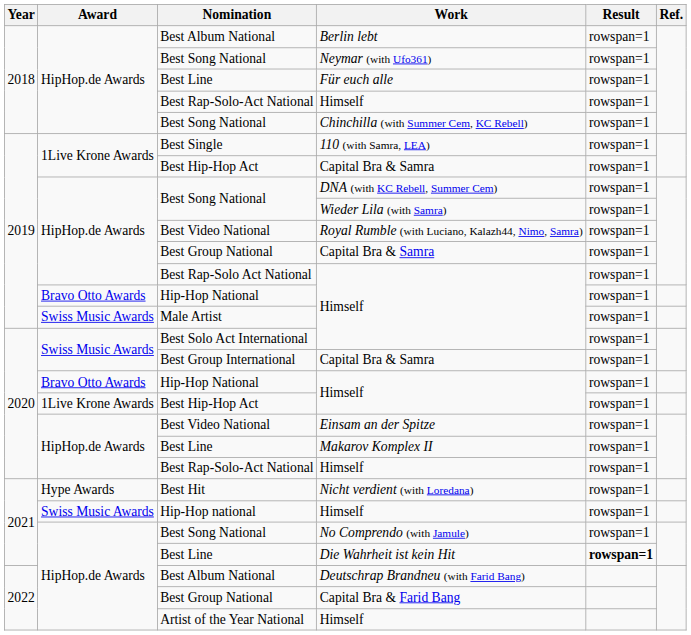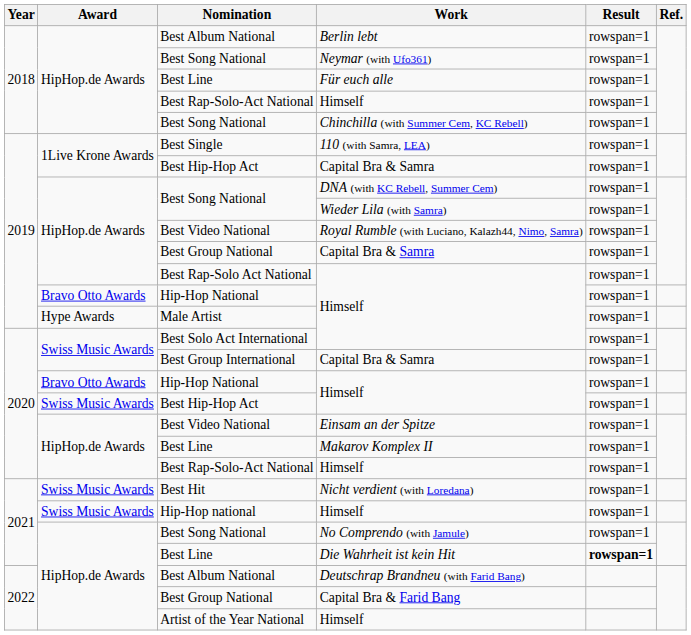 <table class="wikitable">
 <tr>
 <th>Year</th>
 <th>Award</th>
 <th>Nomination</th>
 <th>Work</th>
 <th>Result</th>
 <th>Ref.</th>
 </tr>
 <tr>
 <td rowspan="5">2018</td>
 <td rowspan="5">HipHop.de Awards</td>
 <td>Best Album National</td>
 <td><em>Berlin lebt</em></td>
 <td>rowspan=1 </td>
 <td rowspan="5"></td>
 </tr>
 <tr>
 <td>Best Song National</td>
 <td rowspan="1"><em>Neymar</em> <small>(with <a href='#'>Ufo361</a>)</small></td>
 <td>rowspan=1 </td>
 </tr>
 <tr>
 <td>Best Line</td>
 <td><em>Für euch alle</em></td>
 <td>rowspan=1 </td>
 </tr>
 <tr>
 <td>Best Rap-Solo-Act National</td>
 <td>Himself</td>
 <td>rowspan=1 </td>
 </tr>
 <tr>
 <td>Best Song National</td>
 <td><em>Chinchilla</em> <small>(with <a href='#'>Summer Cem</a>, <a href='#'>KC Rebell</a>)</small></td>
 <td>rowspan=1 </td>
 </tr>
 <tr>
 <td rowspan="9">2019</td>
 <td rowspan="2">1Live Krone Awards</td>
 <td>Best Single</td>
 <td><em>110</em> <small>(with Samra, <a href='#'>LEA</a>)</small></td>
 <td>rowspan=1 </td>
 <td rowspan="2"></td>
 </tr>
 <tr>
 <td>Best Hip-Hop Act</td>
 <td>Capital Bra & Samra</td>
 <td>rowspan=1 </td>
 </tr>
 <tr>
 <td rowspan="5">HipHop.de Awards</td>
 <td rowspan="2">Best Song National</td>
 <td><em>DNA</em> <small>(with <a href='#'>KC Rebell</a>, <a href='#'>Summer Cem</a>)</small></td>
 <td>rowspan=1 </td>
 <td rowspan="5"></td>
 </tr>
 <tr>
 <td><em>Wieder Lila</em> <small>(with <a href='#'>Samra</a>)</small></td>
 <td>rowspan=1 </td>
 </tr>
 <tr>
 <td>Best Video National</td>
 <td><em>Royal Rumble</em> <small>(with Luciano, Kalazh44, <a href='#'>Nimo</a>, <a href='#'>Samra</a>)</small></td>
 <td>rowspan=1 </td>
 </tr>
 <tr>
 <td>Best Group National</td>
 <td>Capital Bra & <a href='#'>Samra</a></td>
 <td>rowspan=1 </td>
 </tr>
 <tr>
 <td>Best Rap-Solo Act National</td>
 <td rowspan="4">Himself</td>
 <td>rowspan=1 </td>
 </tr>
 <tr>
 <td><a href='#'>Bravo Otto Awards</a></td>
 <td>Hip-Hop National</td>
 <td>rowspan=1 </td>
 <td></td>
 </tr>
 <tr>
-<td><a href='#'>Swiss Music Awards</a></td>
+<td>Hype Awards</td>
 <td>Male Artist</td>
 <td>rowspan=1 </td>
 <td></td>
 </tr>
 <tr>
 <td rowspan="7">2020</td>
 <td rowspan="2"><a href='#'>Swiss Music Awards</a></td>
 <td>Best Solo Act International</td>
 <td>rowspan=1 </td>
 <td rowspan="2"></td>
 </tr>
 <tr>
 <td>Best Group International</td>
 <td>Capital Bra & Samra</td>
 <td>rowspan=1 </td>
 </tr>
 <tr>
 <td><a href='#'>Bravo Otto Awards</a></td>
 <td>Hip-Hop National</td>
 <td rowspan="2">Himself</td>
 <td>rowspan=1 </td>
 <td></td>
 </tr>
 <tr>
-<td>1Live Krone Awards</td>
+<td><a href='#'>Swiss Music Awards</a></td>
 <td>Best Hip-Hop Act</td>
 <td>rowspan=1 </td>
 <td></td>
 </tr>
 <tr>
 <td rowspan="3">HipHop.de Awards</td>
 <td>Best Video National</td>
 <td><em>Einsam an der Spitze</em></td>
 <td>rowspan=1 </td>
 <td rowspan="3"></td>
 </tr>
 <tr>
 <td>Best Line</td>
 <td><em>Makarov Komplex II</em></td>
 <td>rowspan=1 </td>
 </tr>
 <tr>
 <td>Best Rap-Solo-Act National</td>
 <td>Himself</td>
 <td>rowspan=1 </td>
 </tr>
 <tr>
 <td rowspan="4">2021</td>
-<td>Hype Awards</td>
+<td><a href='#'>Swiss Music Awards</a></td>
 <td>Best Hit</td>
 <td><em>Nicht verdient</em> <small>(with <a href='#'>Loredana</a>)</small></td>
 <td>rowspan=1 </td>
 <td></td>
 </tr>
 <tr>
 <td><a href='#'>Swiss Music Awards</a></td>
 <td>Hip-Hop national</td>
 <td>Himself</td>
 <td>rowspan=1 </td>
 <td></td>
 </tr>
 <tr>
 <td rowspan="5">HipHop.de Awards</td>
 <td>Best Song National</td>
 <td><em>No Comprendo</em> <small>(with <a href='#'>Jamule</a>)</small></td>
 <td>rowspan=1 </td>
 <td rowspan="2"></td>
 </tr>
 <tr>
 <td>Best Line</td>
 <td><em>Die Wahrheit ist kein Hit</em></td>
 <td><strong>rowspan=1 </strong></td>
 </tr>
 <tr>
 <td rowspan="3">2022</td>
 <td>Best Album National</td>
 <td><em>Deutschrap Brandneu</em> <small>(with <a href='#'>Farid Bang</a>)</small></td>
 <td></td>
 <td rowspan="3"></td>
 </tr>
 <tr>
 <td>Best Group National</td>
 <td>Capital Bra & <a href='#'>Farid Bang</a></td>
 <td></td>
 </tr>
 <tr>
 <td>Artist of the Year National</td>
 <td>Himself</td>
 <td></td>
 </tr>
 </table>
